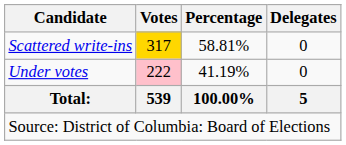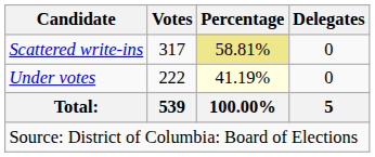 <table class="wikitable sortable tpl-blanktable" style="font-size:90%;text-align:center;">
 <tr>
 <th>Candidate</th>
 <th>Votes</th>
 <th>Percentage</th>
 <th>Delegates</th>
 </tr>
 <tr>
 <td style="text-align:left;"><em><a href='#'>Scattered write-ins</a></em></td>
-<td style="background: gold;">317</td>
-<td>58.81%</td>
+<td>317</td>
+<td style="background: khaki;">58.81%</td>
 <td>0</td>
 </tr>
 <tr>
 <td style="text-align:left;"><em><a href='#'>Under votes</a></em></td>
-<td style="background: pink;">222</td>
-<td>41.19%</td>
+<td>222</td>
+<td style="background: lightyellow;">41.19%</td>
 <td>0</td>
 </tr>
 <tr style="background:#eee;">
 <th>Total:</th>
 <th>539</th>
 <th>100.00%</th>
 <th>5</th>
 </tr>
 <tr>
 <td colspan="6" style="text-align:left;">Source: District of Columbia: Board of Elections</td>
 </tr>
 </table>
